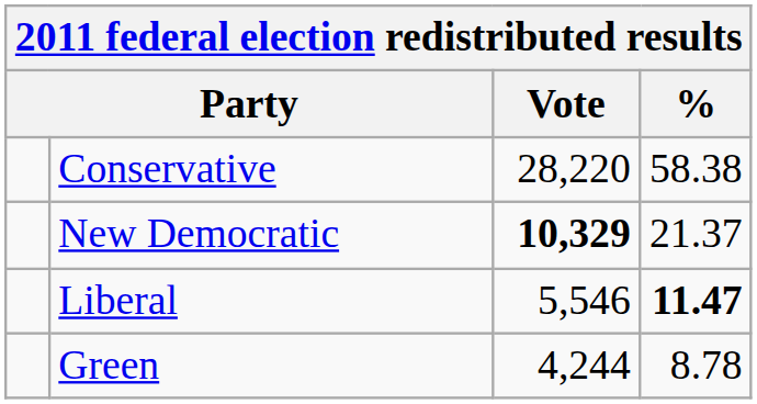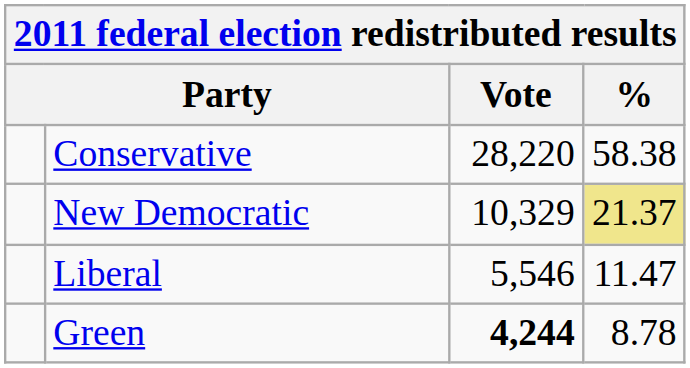 <table class="wikitable">
 <tr>
 <th colspan="4"><a href='#'>2011 federal election</a> redistributed results</th>
 </tr>
 <tr>
 <th width="130" bgcolor="#ddddff" colspan="2">Party</th>
 <th width="50" bgcolor="#ddddff">Vote</th>
 <th width="30" bgcolor="#ddddff">%</th>
 </tr>
 <tr>
 <td> </td>
 <td><a href='#'>Conservative</a></td>
 <td align=right>28,220</td>
 <td align=right>58.38</td>
 </tr>
 <tr>
 <td> </td>
 <td><a href='#'>New Democratic</a></td>
-<td align=right><strong>10,329</strong></td>
-<td align=right>21.37</td>
+<td align=right>10,329</td>
+<td align=right style="background: khaki;">21.37</td>
 </tr>
 <tr>
 <td> </td>
 <td><a href='#'>Liberal</a></td>
 <td align=right>5,546</td>
-<td align=right><strong>11.47</strong></td>
+<td align=right>11.47</td>
 </tr>
 <tr>
 <td> </td>
 <td><a href='#'>Green</a></td>
-<td align=right>4,244</td>
+<td align=right><strong>4,244</strong></td>
 <td align=right>8.78</td>
 </tr>
 </table>
